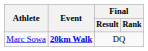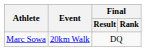 <table class="wikitable" style="font-size:90%">
 <tr>
 <th rowspan="2">Athlete</th>
 <th rowspan="2">Event</th>
 <th colspan="2">Final</th>
 </tr>
 <tr style="font-size:95%">
 <th>Result</th>
 <th>Rank</th>
 </tr>
 <tr align="center">
 <td align="left"><a href='#'>Marc Sowa</a></td>
-<td align="left"><strong><a href='#'>20km Walk</a></strong></td>
+<td align="left"><a href='#'>20km Walk</a></td>
 <td colspan="2">DQ</td>
 </tr>
 </table>
